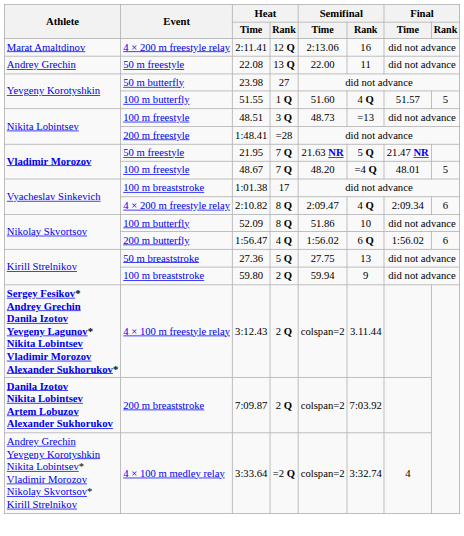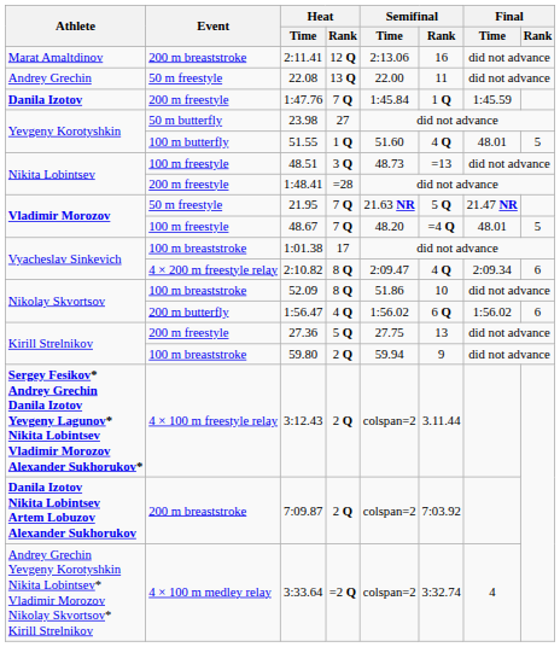 <table class=wikitable style="font-size:90%">
 <tr>
 <th rowspan="2">Athlete</th>
 <th rowspan="2">Event</th>
 <th colspan="2">Heat</th>
 <th colspan="2">Semifinal</th>
 <th colspan="2">Final</th>
 </tr>
 <tr style="font-size:95%">
 <th>Time</th>
 <th>Rank</th>
 <th>Time</th>
 <th>Rank</th>
 <th>Time</th>
 <th>Rank</th>
 </tr>
 <tr align=center>
 <td align=left><a href='#'>Marat Amaltdinov</a></td>
-<td align=left><a href='#'>4 × 200 m freestyle relay</a></td>
+<td align=left><a href='#'>200 m breaststroke</a></td>
 <td>2:11.41</td>
 <td>12 <strong>Q</strong></td>
 <td>2:13.06</td>
 <td>16</td>
 <td colspan=2>did not advance</td>
 </tr>
 <tr align=center>
 <td align=left><a href='#'>Andrey Grechin</a></td>
 <td align=left><a href='#'>50 m freestyle</a></td>
 <td>22.08</td>
 <td>13 <strong>Q</strong></td>
 <td>22.00</td>
 <td>11</td>
 <td colspan=2>did not advance</td>
 </tr>
 <tr align=center>
+<td align=left><strong><a href='#'>Danila Izotov</a></strong></td>
+<td align=left><a href='#'>200 m freestyle</a></td>
+<td>1:47.76</td>
+<td>7 <strong>Q</strong></td>
+<td>1:45.84</td>
+<td>1 <strong>Q</strong></td>
+<td>1:45.59</td>
+<td></td>
+</tr>
+<tr align=center>
 <td align=left rowspan=2><a href='#'>Yevgeny Korotyshkin</a></td>
 <td align=left><a href='#'>50 m butterfly</a></td>
 <td>23.98</td>
 <td>27</td>
 <td colspan=4>did not advance</td>
 </tr>
 <tr align=center>
 <td align=left><a href='#'>100 m butterfly</a></td>
 <td>51.55</td>
 <td>1 <strong>Q</strong></td>
 <td>51.60</td>
 <td>4 <strong>Q</strong></td>
-<td>51.57</td>
+<td>48.01</td>
 <td>5</td>
 </tr>
 <tr align=center>
 <td align=left rowspan=2><a href='#'>Nikita Lobintsev</a></td>
 <td align=left><a href='#'>100 m freestyle</a></td>
 <td>48.51</td>
 <td>3 <strong>Q</strong></td>
 <td>48.73</td>
 <td>=13</td>
 <td colspan=2>did not advance</td>
 </tr>
 <tr align=center>
 <td align=left><a href='#'>200 m freestyle</a></td>
 <td>1:48.41</td>
 <td>=28</td>
 <td colspan=4>did not advance</td>
 </tr>
 <tr align=center>
 <td align=left rowspan=2><strong><a href='#'>Vladimir Morozov</a></strong></td>
 <td align=left><a href='#'>50 m freestyle</a></td>
 <td>21.95</td>
 <td>7 <strong>Q</strong></td>
 <td>21.63 <strong><a href='#'>NR</a></strong></td>
 <td>5 <strong>Q</strong></td>
 <td>21.47 <strong><a href='#'>NR</a></strong></td>
 <td></td>
 </tr>
 <tr align=center>
 <td align=left><a href='#'>100 m freestyle</a></td>
 <td>48.67</td>
 <td>7 <strong>Q</strong></td>
 <td>48.20</td>
 <td>=4 <strong>Q</strong></td>
 <td>48.01</td>
 <td>5</td>
 </tr>
 <tr align=center>
 <td align=left rowspan=2><a href='#'>Vyacheslav Sinkevich</a></td>
 <td align=left><a href='#'>100 m breaststroke</a></td>
 <td>1:01.38</td>
 <td>17</td>
 <td colspan=4>did not advance</td>
 </tr>
 <tr align=center>
 <td align=left><a href='#'>4 × 200 m freestyle relay</a></td>
 <td>2:10.82</td>
 <td>8 <strong>Q</strong></td>
 <td>2:09.47</td>
 <td>4 <strong>Q</strong></td>
 <td>2:09.34</td>
 <td>6</td>
 </tr>
 <tr align=center>
 <td align=left rowspan=2><a href='#'>Nikolay Skvortsov</a></td>
-<td align=left><a href='#'>100 m butterfly</a></td>
+<td align=left><a href='#'>100 m breaststroke</a></td>
 <td>52.09</td>
 <td>8 <strong>Q</strong></td>
 <td>51.86</td>
 <td>10</td>
 <td colspan=2>did not advance</td>
 </tr>
 <tr align=center>
 <td align=left><a href='#'>200 m butterfly</a></td>
 <td>1:56.47</td>
 <td>4 <strong>Q</strong></td>
 <td>1:56.02</td>
 <td>6 <strong>Q</strong></td>
 <td>1:56.02</td>
 <td>6</td>
 </tr>
 <tr align=center>
 <td align=left rowspan=2><a href='#'>Kirill Strelnikov</a></td>
-<td align=left><a href='#'>50 m breaststroke</a></td>
+<td align=left><a href='#'>200 m freestyle</a></td>
 <td>27.36</td>
 <td>5 <strong>Q</strong></td>
 <td>27.75</td>
 <td>13</td>
 <td colspan=2>did not advance</td>
 </tr>
 <tr align=center>
 <td align=left><a href='#'>100 m breaststroke</a></td>
 <td>59.80</td>
 <td>2 <strong>Q</strong></td>
 <td>59.94</td>
 <td>9</td>
 <td colspan=2>did not advance</td>
 </tr>
 <tr align=center>
 <td align=left><strong><a href='#'>Sergey Fesikov</a>*<br><a href='#'>Andrey Grechin</a><br><a href='#'>Danila Izotov</a><br><a href='#'>Yevgeny Lagunov</a>*<br><a href='#'>Nikita Lobintsev</a><br><a href='#'>Vladimir Morozov</a><br><a href='#'>Alexander Sukhorukov</a>*</strong></td>
 <td align=left><a href='#'>4 × 100 m freestyle relay</a></td>
 <td>3:12.43</td>
 <td>2 <strong>Q</strong></td>
 <td>colspan=2 </td>
 <td>3.11.44</td>
 <td></td>
 </tr>
 <tr align=center>
 <td align=left><strong><a href='#'>Danila Izotov</a><br><a href='#'>Nikita Lobintsev</a><br><a href='#'>Artem Lobuzov</a><br><a href='#'>Alexander Sukhorukov</a></strong></td>
 <td align=left><a href='#'>200 m breaststroke</a></td>
 <td>7:09.87</td>
 <td>2 <strong>Q</strong></td>
 <td>colspan=2 </td>
 <td>7:03.92</td>
 <td></td>
 </tr>
 <tr align=center>
 <td align=left><a href='#'>Andrey Grechin</a><br><a href='#'>Yevgeny Korotyshkin</a><br><a href='#'>Nikita Lobintsev</a>*<br><a href='#'>Vladimir Morozov</a><br><a href='#'>Nikolay Skvortsov</a>*<br><a href='#'>Kirill Strelnikov</a></td>
 <td align=left><a href='#'>4 × 100 m medley relay</a></td>
 <td>3:33.64</td>
 <td>=2 <strong>Q</strong></td>
 <td>colspan=2 </td>
 <td>3:32.74</td>
 <td>4</td>
 </tr>
 </table>
